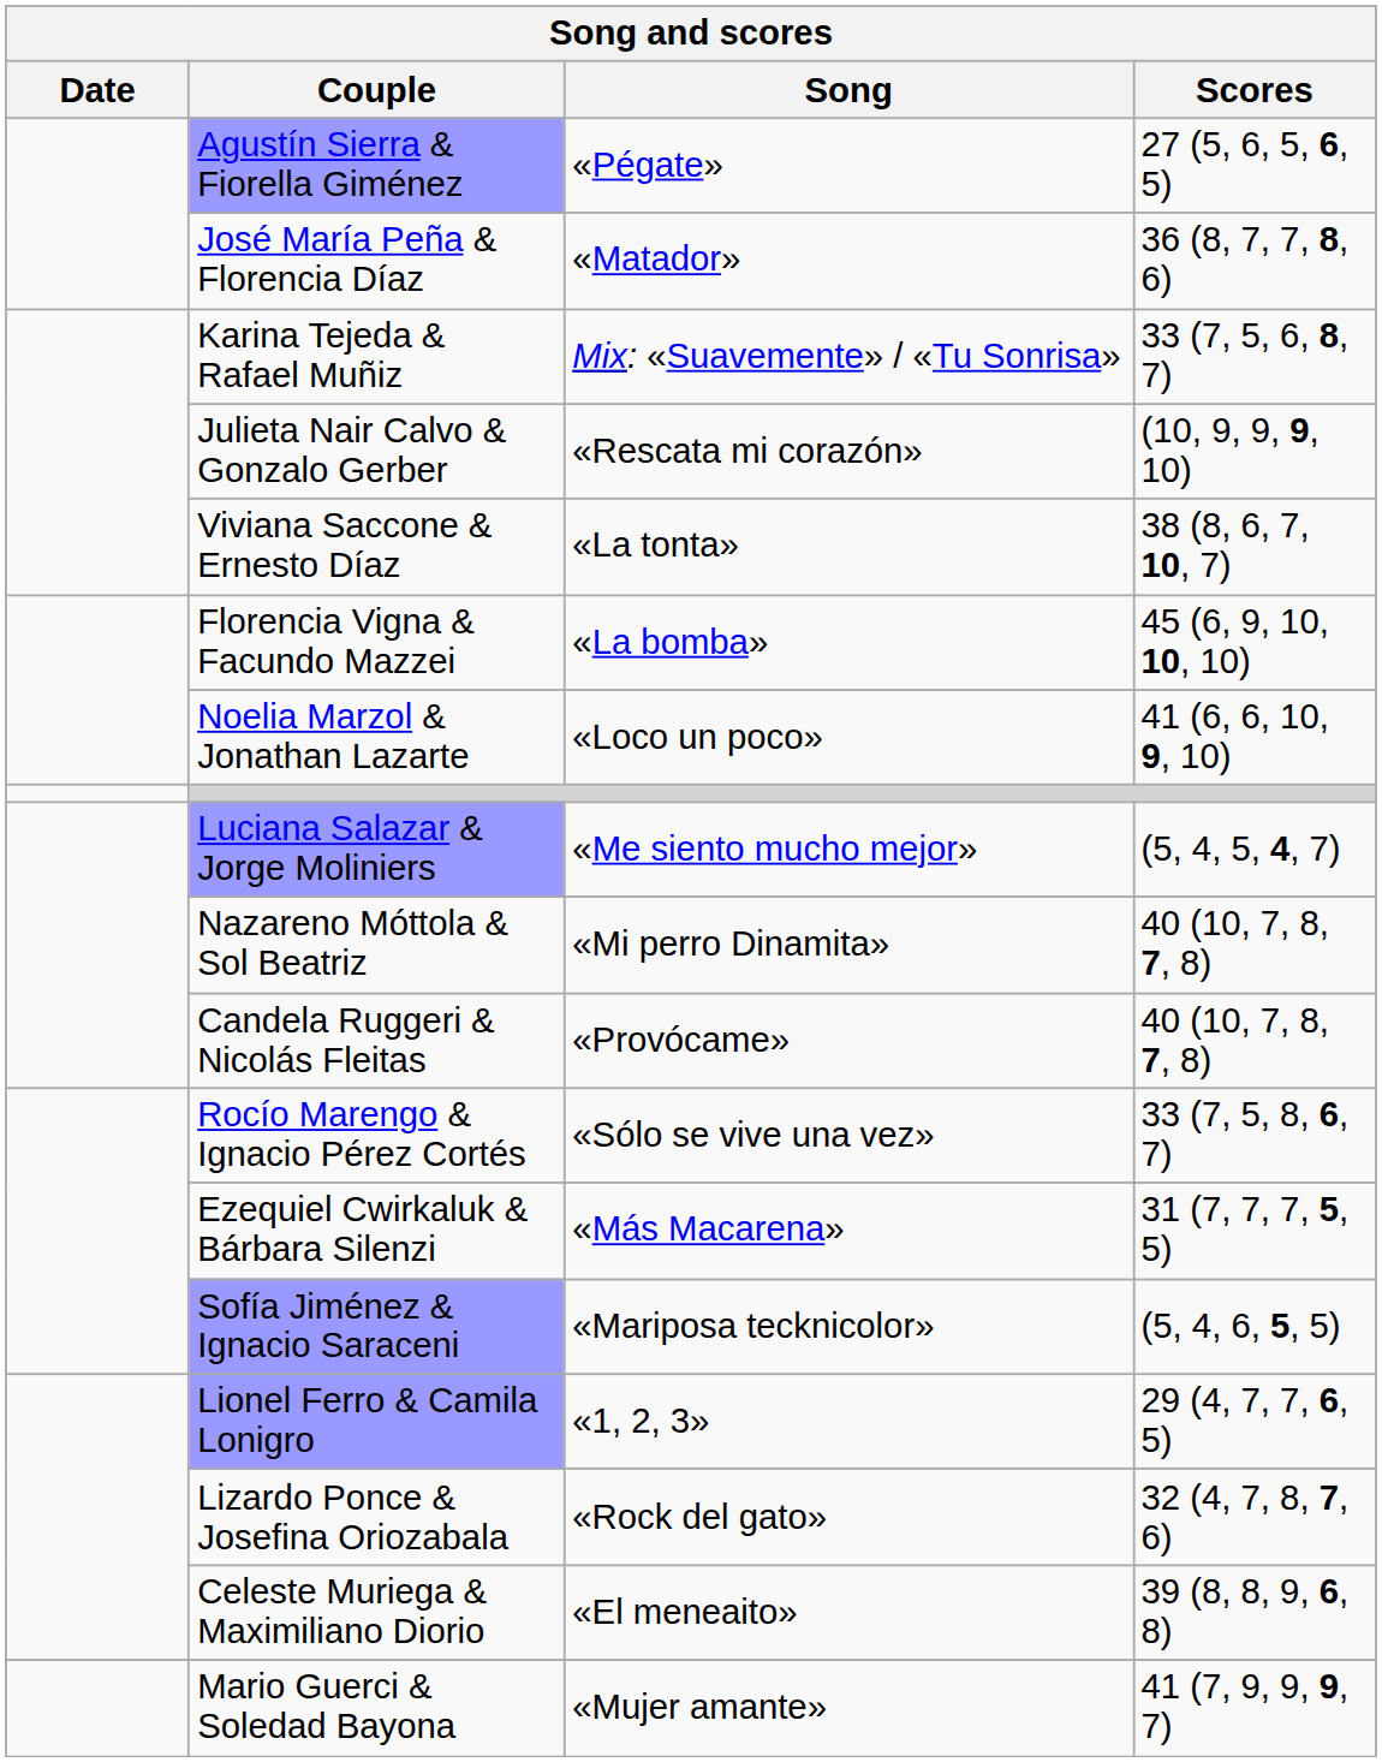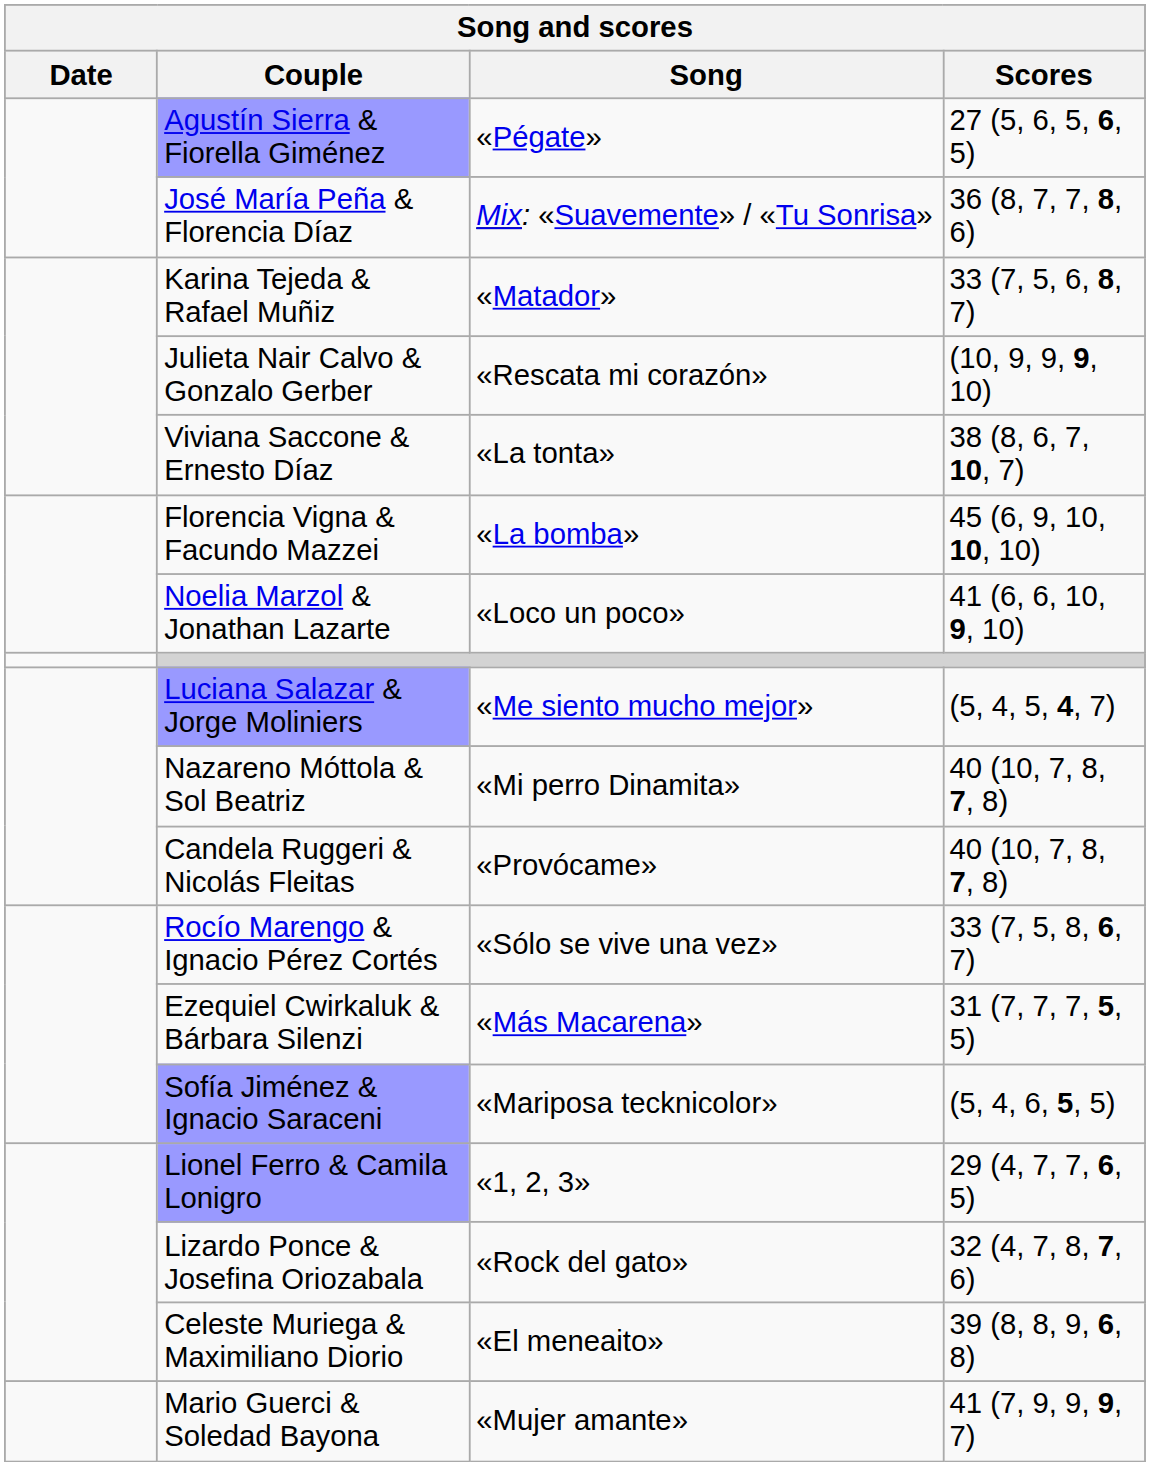 <table class="wikitable collapsible collapsed" style=" text-align: align; width: 100%;">
 <tr>
 <th colspan="11" style="with: 100%;" align="center">Song and scores</th>
 </tr>
 <tr>
 <th width=90>Date</th>
 <th width=190>Couple</th>
 <th width=300>Song</th>
 <th width=120>Scores</th>
 </tr>
 <tr>
 <td rowspan="2"></td>
 <td bgcolor="#9999FF"><a href='#'>Agustín Sierra</a> & Fiorella Giménez</td>
 <td>«<a href='#'>Pégate</a>» </td>
 <td>27 (5, 6, 5, <strong>6</strong>, 5)</td>
 </tr>
 <tr>
 <td><a href='#'>José María Peña</a> & Florencia Díaz</td>
-<td>«<a href='#'>Matador</a>» </td>
+<td><em><u><a href='#'>Mix</a></u>:</em> «<a href='#'>Suavemente</a>» / «<a href='#'>Tu Sonrisa</a>» </td>
 <td>36 (8, 7, 7, <strong>8</strong>, 6)</td>
 </tr>
 <tr>
 <td rowspan="3"></td>
 <td>Karina Tejeda & Rafael Muñiz</td>
-<td><em><u><a href='#'>Mix</a></u>:</em> «<a href='#'>Suavemente</a>» / «<a href='#'>Tu Sonrisa</a>» </td>
+<td>«<a href='#'>Matador</a>» </td>
 <td>33 (7, 5, 6, <strong>8</strong>, 7)</td>
 </tr>
 <tr>
 <td>Julieta Nair Calvo & Gonzalo Gerber</td>
 <td>«Rescata mi corazón» </td>
 <td> (10, 9, 9, <strong>9</strong>, 10)</td>
 </tr>
 <tr>
 <td>Viviana Saccone & Ernesto Díaz</td>
 <td>«La tonta» </td>
 <td>38 (8, 6, 7, <strong>10</strong>, 7)</td>
 </tr>
 <tr>
 <td rowspan="2"></td>
 <td>Florencia Vigna & Facundo Mazzei</td>
 <td>«<a href='#'>La bomba</a>» </td>
 <td>45 (6, 9, 10, <strong>10</strong>, 10)</td>
 </tr>
 <tr>
 <td><a href='#'>Noelia Marzol</a> & Jonathan Lazarte</td>
 <td>«Loco un poco» </td>
 <td>41 (6, 6, 10, <strong>9</strong>, 10)</td>
 </tr>
 <tr>
 <td></td>
 <td colspan="3" bgcolor="lightgrey"></td>
 </tr>
 <tr>
 <td rowspan="3"></td>
 <td bgcolor="#9999FF"><a href='#'>Luciana Salazar</a> & Jorge Moliniers</td>
 <td>«<a href='#'>Me siento mucho mejor</a>» </td>
 <td> (5, 4, 5, <strong>4</strong>, 7)</td>
 </tr>
 <tr>
 <td>Nazareno Móttola & Sol Beatriz</td>
 <td>«Mi perro Dinamita» </td>
 <td>40 (10, 7, 8, <strong>7</strong>, 8)</td>
 </tr>
 <tr>
 <td>Candela Ruggeri & Nicolás Fleitas</td>
 <td>«Provócame» </td>
 <td>40 (10, 7, 8, <strong>7</strong>, 8)</td>
 </tr>
 <tr>
 <td rowspan="3"></td>
 <td><a href='#'>Rocío Marengo</a> & Ignacio Pérez Cortés</td>
 <td>«Sólo se vive una vez» </td>
 <td>33 (7, 5, 8, <strong>6</strong>, 7)</td>
 </tr>
 <tr>
 <td>Ezequiel Cwirkaluk & Bárbara Silenzi</td>
 <td>«<a href='#'>Más Macarena</a>» </td>
 <td>31 (7, 7, 7, <strong>5</strong>, 5)</td>
 </tr>
 <tr>
 <td bgcolor="#9999FF">Sofía Jiménez & Ignacio Saraceni</td>
 <td>«Mariposa tecknicolor» </td>
 <td> (5, 4, 6, <strong>5</strong>, 5)</td>
 </tr>
 <tr>
 <td rowspan="3"></td>
 <td bgcolor="#9999FF">Lionel Ferro & Camila Lonigro</td>
 <td>«1, 2, 3» </td>
 <td>29 (4, 7, 7, <strong>6</strong>, 5)</td>
 </tr>
 <tr>
 <td>Lizardo Ponce & Josefina Oriozabala</td>
 <td>«Rock del gato» </td>
 <td>32 (4, 7, 8, <strong>7</strong>, 6)</td>
 </tr>
 <tr>
 <td>Celeste Muriega & Maximiliano Diorio</td>
 <td>«El meneaito» </td>
 <td>39 (8, 8, 9, <strong>6</strong>, 8)</td>
 </tr>
 <tr>
 <td></td>
 <td>Mario Guerci & Soledad Bayona</td>
 <td>«Mujer amante» </td>
 <td>41 (7, 9, 9, <strong>9</strong>, 7)</td>
 </tr>
 </table>
